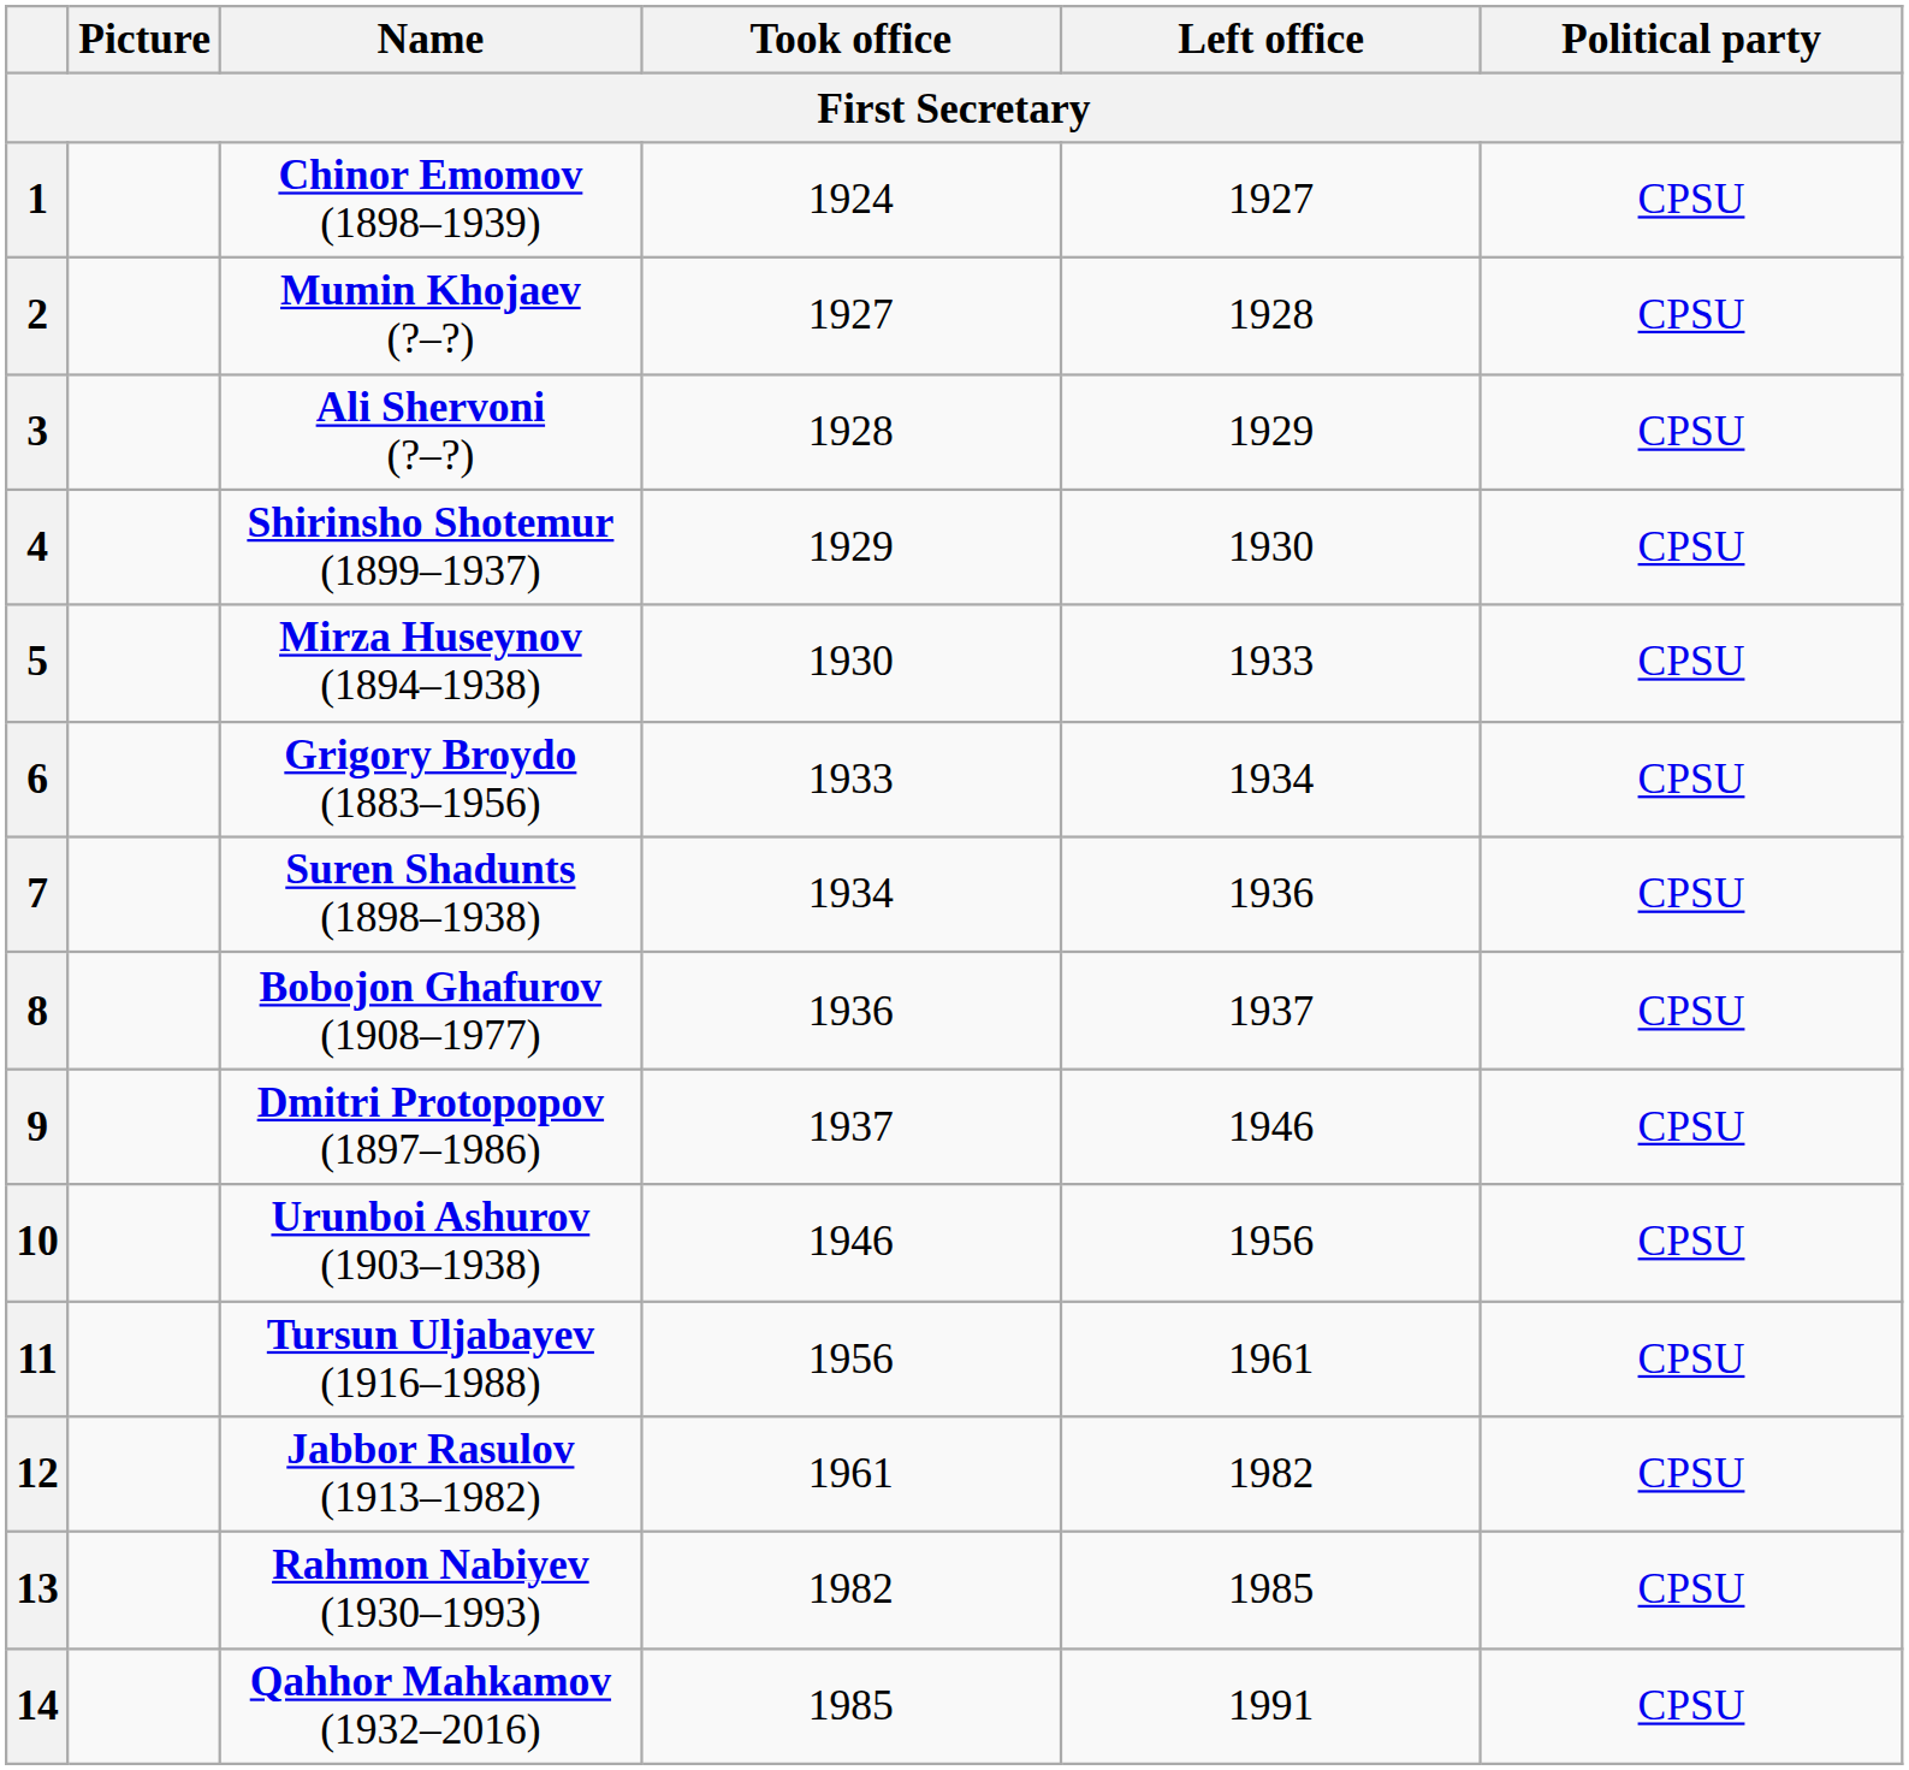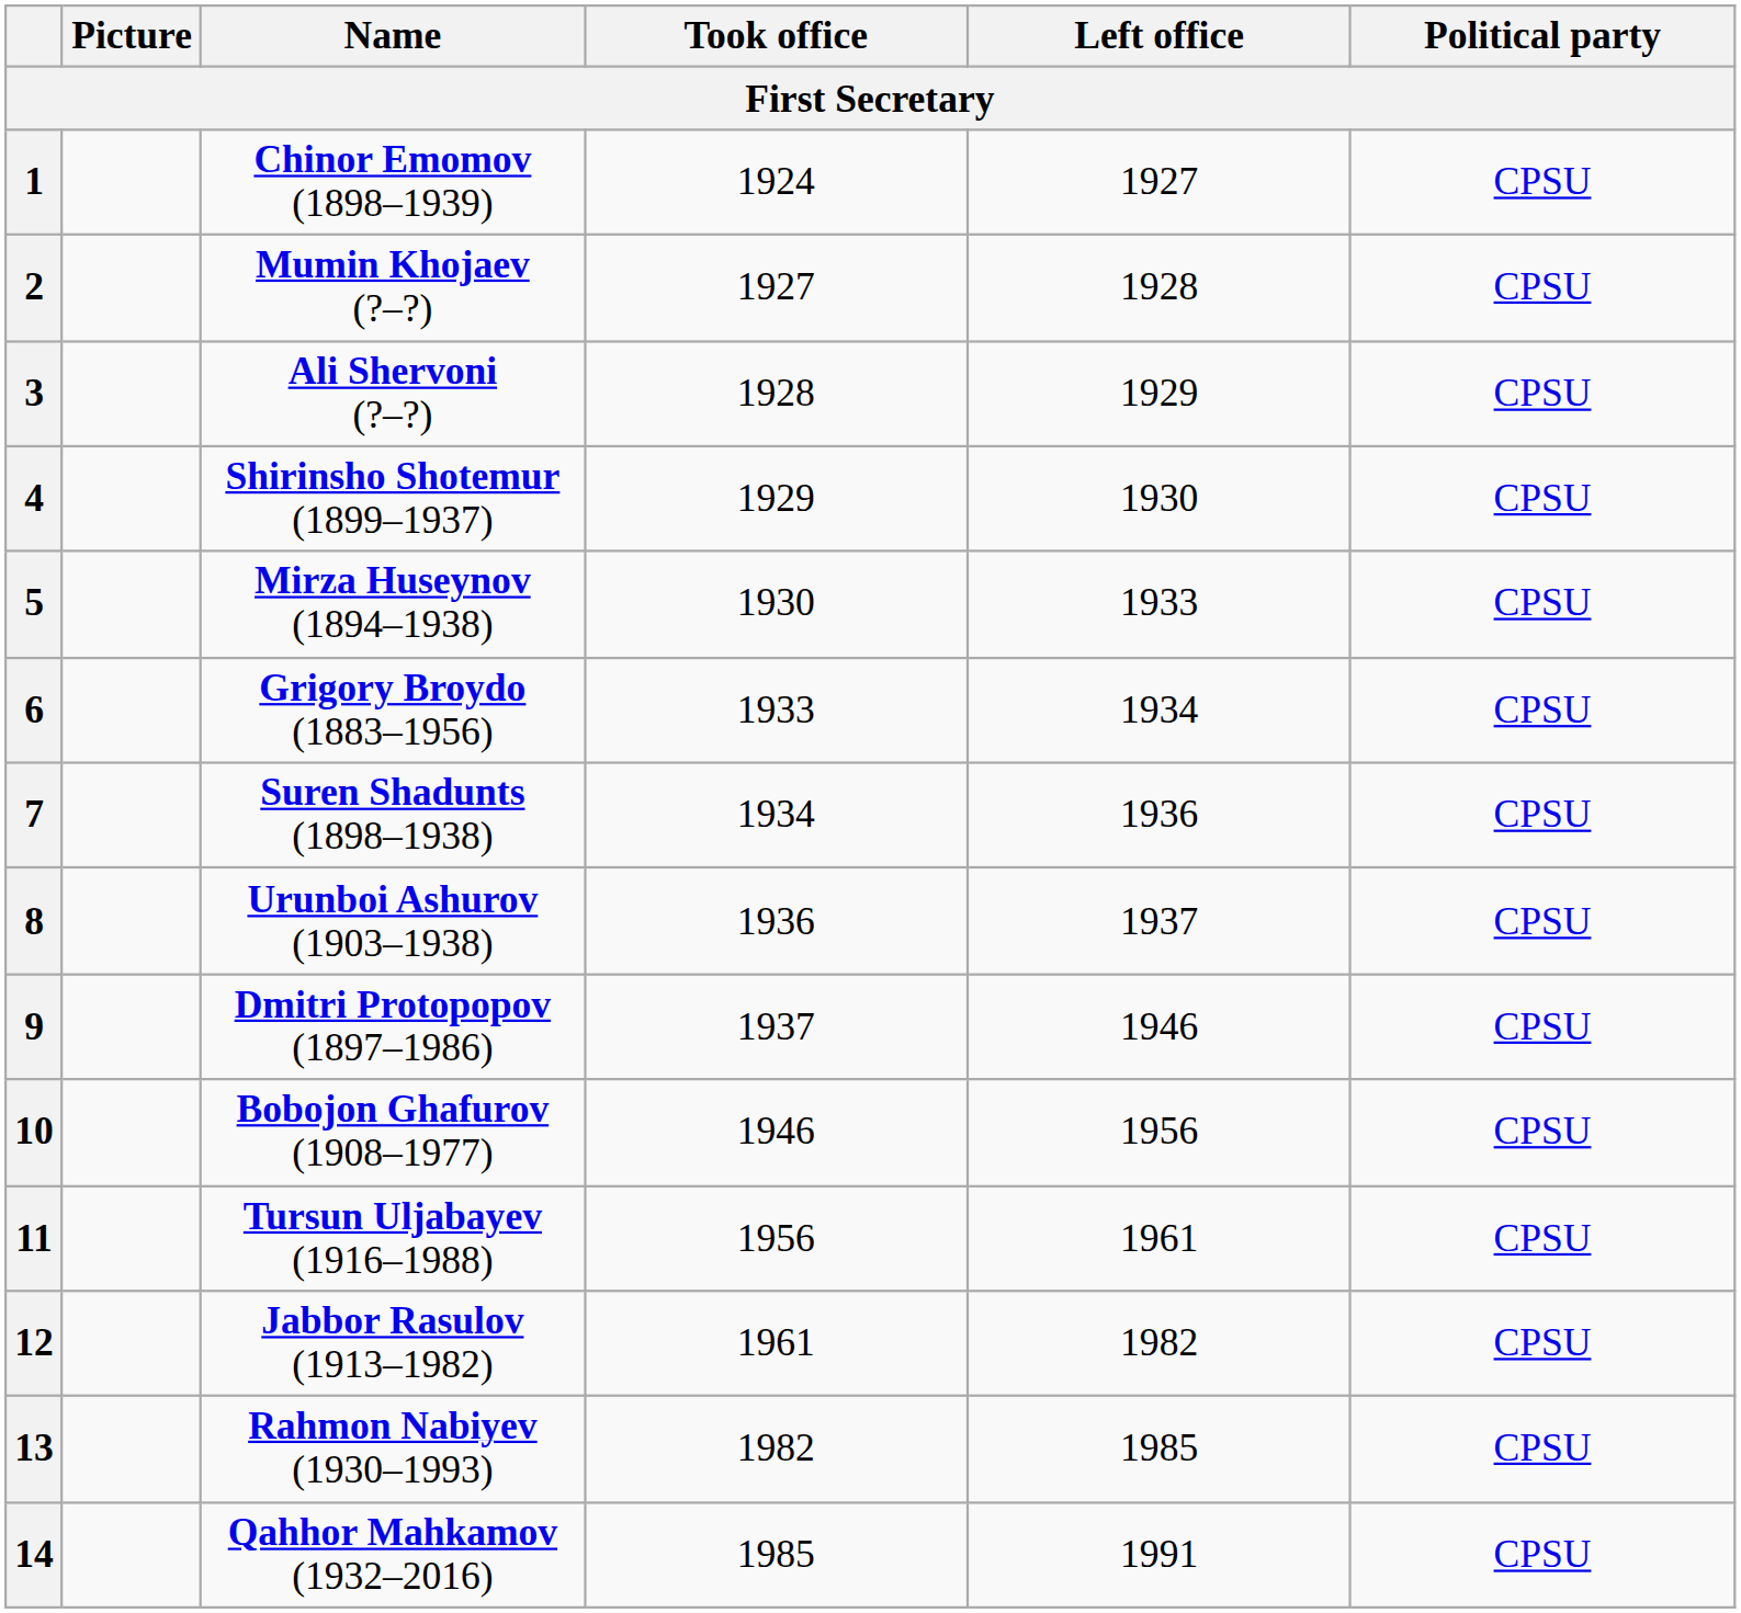 <table class="wikitable" style="text-align:center">
 <tr>
 <th></th>
 <th>Picture</th>
 <th width="150">Name<br></th>
 <th width="150">Took office</th>
 <th width="150">Left office</th>
 <th width="150">Political party</th>
 </tr>
 <tr>
 <th colspan="6" align="center">First Secretary</th>
 </tr>
 <tr>
 <th style="background:">1</th>
 <td></td>
 <td><strong><a href='#'>Chinor Emomov</a></strong><br>(1898–1939)</td>
 <td>1924</td>
 <td>1927</td>
 <td><a href='#'>CPSU</a></td>
 </tr>
 <tr>
 <th style="background:">2</th>
 <td></td>
 <td><strong><a href='#'>Mumin Khojaev</a></strong><br>(?–?)</td>
 <td>1927</td>
 <td>1928</td>
 <td><a href='#'>CPSU</a></td>
 </tr>
 <tr>
 <th style="background:">3</th>
 <td></td>
 <td><strong><a href='#'>Ali Shervoni</a></strong><br>(?–?)</td>
 <td>1928</td>
 <td>1929</td>
 <td><a href='#'>CPSU</a></td>
 </tr>
 <tr>
 <th style="background:">4</th>
 <td></td>
 <td><strong><a href='#'>Shirinsho Shotemur</a></strong><br>(1899–1937)</td>
 <td>1929</td>
 <td>1930</td>
 <td><a href='#'>CPSU</a></td>
 </tr>
 <tr>
 <th style="background:">5</th>
 <td></td>
 <td><strong><a href='#'>Mirza Huseynov</a></strong><br>(1894–1938)</td>
 <td>1930</td>
 <td>1933</td>
 <td><a href='#'>CPSU</a></td>
 </tr>
 <tr>
 <th style="background:">6</th>
 <td></td>
 <td><strong><a href='#'>Grigory Broydo</a></strong><br>(1883–1956)</td>
 <td>1933</td>
 <td>1934</td>
 <td><a href='#'>CPSU</a></td>
 </tr>
 <tr>
 <th style="background:">7</th>
 <td></td>
 <td><strong><a href='#'>Suren Shadunts</a></strong><br>(1898–1938)</td>
 <td>1934</td>
 <td>1936</td>
 <td><a href='#'>CPSU</a></td>
 </tr>
 <tr>
 <th style="background:">8</th>
 <td></td>
-<td><strong><a href='#'>Bobojon Ghafurov</a></strong><br>(1908–1977)</td>
+<td><strong><a href='#'>Urunboi Ashurov</a></strong><br>(1903–1938)</td>
 <td>1936</td>
 <td>1937</td>
 <td><a href='#'>CPSU</a></td>
 </tr>
 <tr>
 <th style="background:">9</th>
 <td></td>
 <td><strong><a href='#'>Dmitri Protopopov</a></strong><br>(1897–1986)</td>
 <td>1937</td>
 <td>1946</td>
 <td><a href='#'>CPSU</a></td>
 </tr>
 <tr>
 <th style="background:">10</th>
 <td></td>
-<td><strong><a href='#'>Urunboi Ashurov</a></strong><br>(1903–1938)</td>
+<td><strong><a href='#'>Bobojon Ghafurov</a></strong><br>(1908–1977)</td>
 <td>1946</td>
 <td>1956</td>
 <td><a href='#'>CPSU</a></td>
 </tr>
 <tr>
 <th style="background:">11</th>
 <td></td>
 <td><strong><a href='#'>Tursun Uljabayev</a></strong><br>(1916–1988)</td>
 <td>1956</td>
 <td>1961</td>
 <td><a href='#'>CPSU</a></td>
 </tr>
 <tr>
 <th style="background:">12</th>
 <td></td>
 <td><strong><a href='#'>Jabbor Rasulov</a></strong><br>(1913–1982)</td>
 <td>1961</td>
 <td>1982</td>
 <td><a href='#'>CPSU</a></td>
 </tr>
 <tr>
 <th style="background:">13</th>
 <td></td>
 <td><strong><a href='#'>Rahmon Nabiyev</a></strong><br>(1930–1993)</td>
 <td>1982</td>
 <td>1985</td>
 <td><a href='#'>CPSU</a></td>
 </tr>
 <tr>
 <th style="background:">14</th>
 <td></td>
 <td><strong><a href='#'>Qahhor Mahkamov</a></strong><br>(1932–2016)</td>
 <td>1985</td>
 <td>1991</td>
 <td><a href='#'>CPSU</a></td>
 </tr>
 </table>
